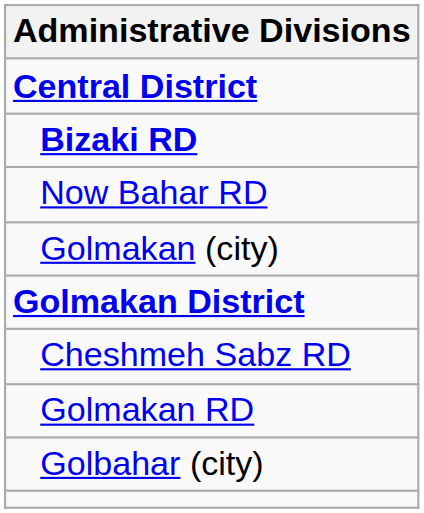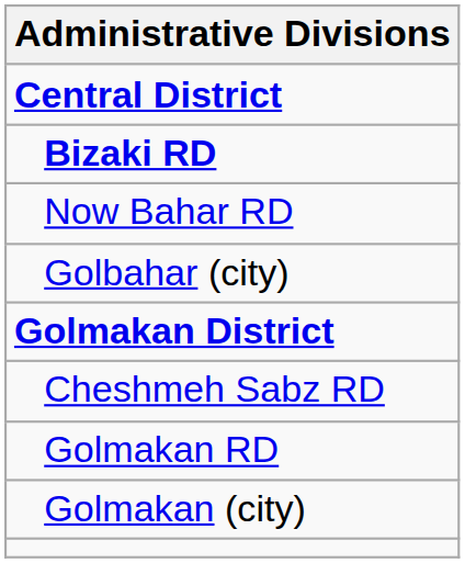 <table class="wikitable">
 <tr>
 <th>Administrative Divisions</th>
 </tr>
 <tr>
 <td><strong><a href='#'>Central District</a></strong></td>
 </tr>
 <tr>
 <td style="padding-left: 1em;"><strong><a href='#'>Bizaki RD</a></strong></td>
 </tr>
 <tr>
 <td style="padding-left: 1em;"><a href='#'>Now Bahar RD</a></td>
 </tr>
 <tr>
-<td style="padding-left: 1em;"><a href='#'>Golmakan</a> (city)</td>
+<td style="padding-left: 1em;"><a href='#'>Golbahar</a> (city)</td>
 </tr>
 <tr>
 <td><strong><a href='#'>Golmakan District</a></strong></td>
 </tr>
 <tr>
 <td style="padding-left: 1em;"><a href='#'>Cheshmeh Sabz RD</a></td>
 </tr>
 <tr>
 <td style="padding-left: 1em;"><a href='#'>Golmakan RD</a></td>
 </tr>
 <tr>
-<td style="padding-left: 1em;"><a href='#'>Golbahar</a> (city)</td>
+<td style="padding-left: 1em;"><a href='#'>Golmakan</a> (city)</td>
 </tr>
 <tr>
 <td colspan=1></td>
 </tr>
 </table>
